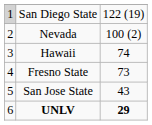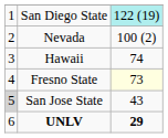 <table class="wikitable" style="display: inline-table;">
 <tr align="center">
 </tr>
 <tr align="center">
-<td style="background: lightgrey;">1</td>
+<td>1</td>
 <td>San Diego State</td>
-<td>122 (19)</td>
+<td style="background: paleturquoise;">122 (19)</td>
 </tr>
 <tr align="center">
 <td>2</td>
 <td>Nevada</td>
 <td>100 (2)</td>
 </tr>
 <tr align="center">
 <td>3</td>
 <td>Hawaii</td>
 <td>74</td>
 </tr>
 <tr align="center">
 <td>4</td>
 <td>Fresno State</td>
-<td>73</td>
+<td style="background: lightyellow;">73</td>
 </tr>
 <tr align="center">
-<td>5</td>
+<td style="background: lightgrey;">5</td>
 <td>San Jose State</td>
 <td>43</td>
 </tr>
 <tr align="center">
 <td>6</td>
 <td><strong>UNLV</strong></td>
 <td><strong>29</strong></td>
 </tr>
 </table>
